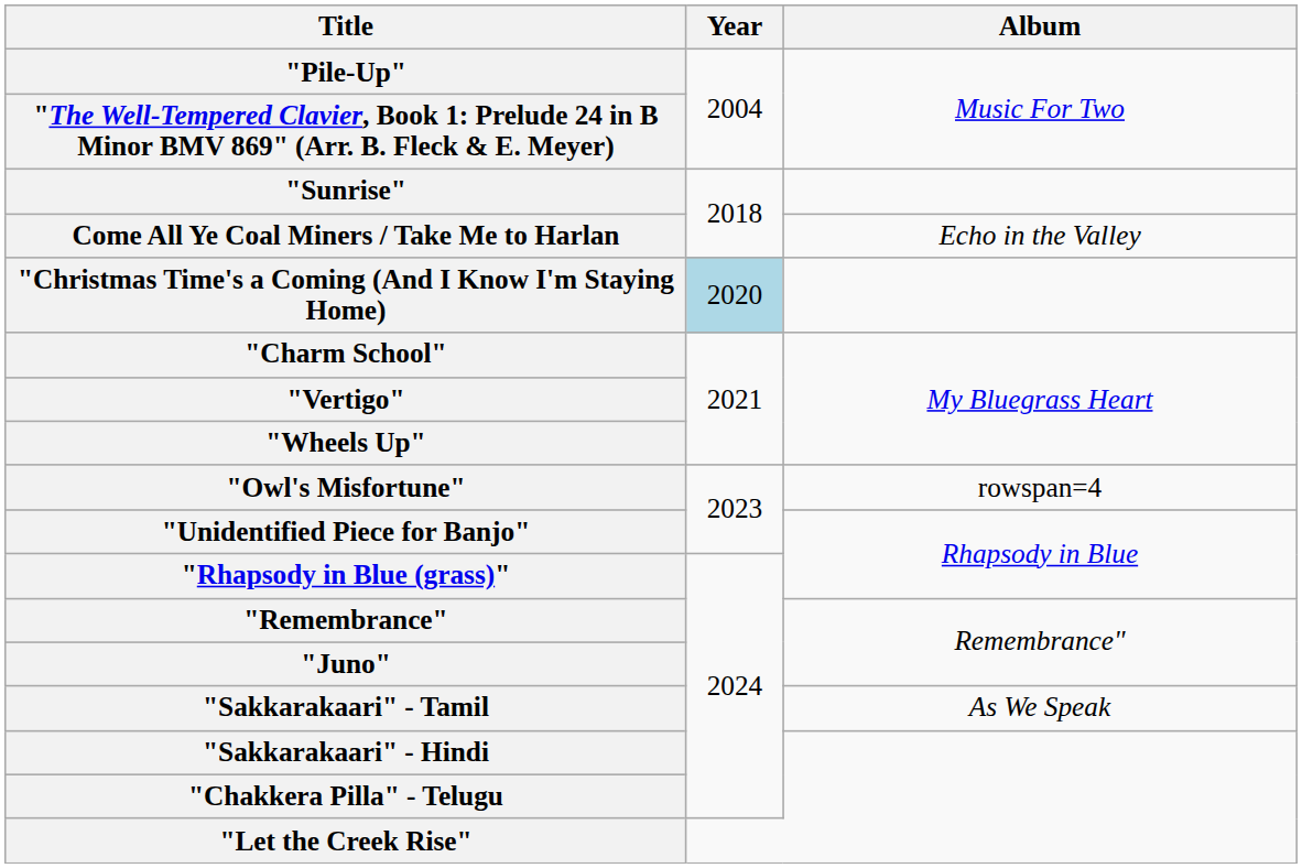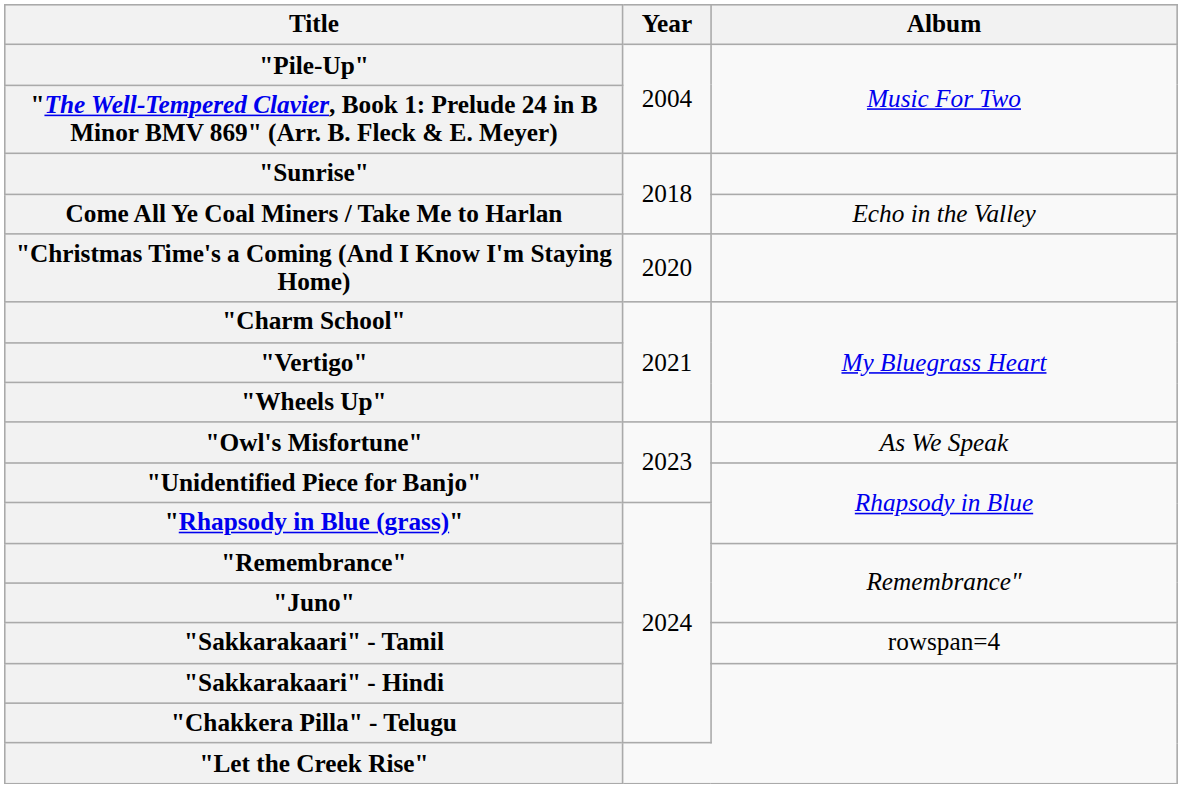 <table class="wikitable plainrowheaders" style="text-align:center;">
 <tr>
 <th scope="col" rowspan="1" style="width:24em;">Title</th>
 <th scope="col" rowspan="1" style="width:3em;">Year</th>
 <th scope="col" rowspan="1" style="width:18em;">Album</th>
 </tr>
 <tr>
 <th scope="row">"Pile-Up"<br> </th>
 <td rowspan=2>2004</td>
 <td rowspan=2><em><a href='#'>Music For Two</a></em></td>
 </tr>
 <tr>
 <th scope="row">"<em><a href='#'>The Well-Tempered Clavier</a></em>, Book 1: Prelude 24 in B Minor BMV 869" (Arr. B. Fleck & E. Meyer)<br> </th>
 </tr>
 <tr>
 <th scope="row">"Sunrise"<br> </th>
 <td rowspan=2>2018</td>
 <td></td>
 </tr>
 <tr>
 <th scope="row">Come All Ye Coal Miners / Take Me to Harlan<br> </th>
 <td><em>Echo in the Valley</em></td>
 </tr>
 <tr>
 <th scope="row">"Christmas Time's a Coming (And I Know I'm Staying Home)<br> </th>
-<td style="background: lightblue;">2020</td>
+<td>2020</td>
 <td></td>
 </tr>
 <tr>
 <th scope="row">"Charm School"<br> </th>
 <td rowspan=3>2021</td>
 <td rowspan=3><em><a href='#'>My Bluegrass Heart</a></em></td>
 </tr>
 <tr>
 <th scope="row">"Vertigo"<br> </th>
 </tr>
 <tr>
 <th scope="row">"Wheels Up"<br> </th>
 </tr>
 <tr>
 <th scope="row">"Owl's Misfortune"<br> </th>
 <td rowspan=2>2023</td>
-<td>rowspan=4 </td>
+<td><em>As We Speak</em></td>
 </tr>
 <tr>
 <th scope="row">"Unidentified Piece for Banjo"</th>
 <td rowspan=2><em><a href='#'>Rhapsody in Blue</a></em></td>
 </tr>
 <tr>
 <th scope="row">"<a href='#'>Rhapsody in Blue (grass)</a>"</th>
 <td rowspan=6>2024</td>
 </tr>
 <tr>
 <th scope="row">"Remembrance"<br> </th>
 <td rowspan=2><em>Remembrance"</td>
 </tr>
 <tr>
 <th scope="row">"Juno"<br> </th>
 </tr>
 <tr>
 <th scope="row">"Sakkarakaari" - Tamil<br> </th>
-<td><em>As We Speak</em></td>
+<td>rowspan=4 </td>
 </tr>
 <tr>
 <th scope="row">"Sakkarakaari" - Hindi<br> </th>
 </tr>
 <tr>
 <th scope="row">"Chakkera Pilla" - Telugu<br> </th>
 </tr>
 <tr>
 <th scope="row">"Let the Creek Rise"<br> </th>
 </tr>
 </table>
